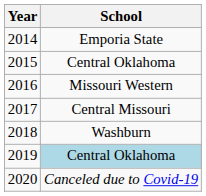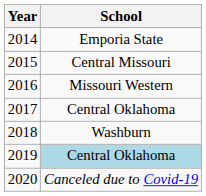 <table class="wikitable" style="text-align:center">
 <tr>
 <th>Year</th>
 <th>School</th>
 </tr>
 <tr>
 <td>2014</td>
 <td>Emporia State</td>
 </tr>
 <tr>
 <td>2015</td>
-<td>Central Oklahoma</td>
+<td>Central Missouri</td>
 </tr>
 <tr>
 <td>2016</td>
 <td>Missouri Western</td>
 </tr>
 <tr>
 <td>2017</td>
-<td>Central Missouri</td>
+<td>Central Oklahoma</td>
 </tr>
 <tr>
 <td>2018</td>
 <td>Washburn</td>
 </tr>
 <tr>
 <td>2019</td>
 <td style="background: lightblue;">Central Oklahoma</td>
 </tr>
 <tr>
 <td>2020</td>
 <td><em>Canceled due to <a href='#'>Covid-19</a></em></td>
 </tr>
 </table>
